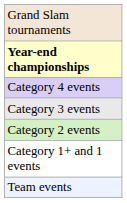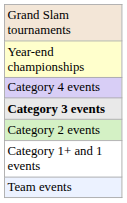 <table class=wikitable style=font-size:90%;width:15%>
 <tr style="background:#f3e6d7;">
 <td>Grand Slam tournaments</td>
 </tr>
 <tr style="background:#ffc;">
-<td><strong>Year-end championships</strong></td>
+<td>Year-end championships</td>
 </tr>
 <tr style="background:#d8cef6;">
 <td>Category 4 events</td>
 </tr>
 <tr style="background:#e9e9e9;">
-<td>Category 3 events</td>
+<td><strong>Category 3 events</strong></td>
 </tr>
 <tr style="background:#d4f1c5;">
 <td>Category 2 events</td>
 </tr>
 <tr style="background:#fff;">
 <td>Category 1+ and 1 events</td>
 </tr>
 <tr style="background:#ecf2ff;">
 <td>Team events</td>
 </tr>
 </table>
